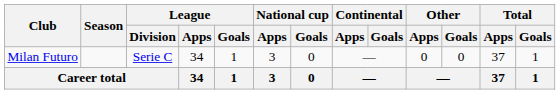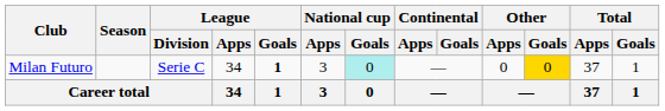 <table class="wikitable" style="text-align:center">
 <tr>
 <th rowspan="2">Club</th>
 <th rowspan="2">Season</th>
 <th colspan="3">League</th>
 <th colspan="2">National cup</th>
 <th colspan="2">Continental</th>
 <th colspan="2">Other</th>
 <th colspan="2">Total</th>
 </tr>
 <tr>
 <th>Division</th>
 <th>Apps</th>
 <th>Goals</th>
 <th>Apps</th>
 <th>Goals</th>
 <th>Apps</th>
 <th>Goals</th>
 <th>Apps</th>
 <th>Goals</th>
 <th>Apps</th>
 <th>Goals</th>
 </tr>
 <tr>
 <td rowspan="1"><a href='#'>Milan Futuro</a></td>
 <td></td>
 <td><a href='#'>Serie C</a></td>
 <td>34</td>
-<td>1</td>
+<td><strong>1</strong></td>
 <td>3</td>
-<td>0</td>
+<td style="background: paleturquoise;">0</td>
 <td colspan="2">—</td>
 <td>0</td>
-<td>0</td>
+<td style="background: gold;">0</td>
 <td>37</td>
 <td>1</td>
 </tr>
 <tr>
 <th colspan="3">Career total</th>
 <th>34</th>
 <th>1</th>
 <th>3</th>
 <th>0</th>
 <th colspan="2">—</th>
 <th colspan="2">—</th>
 <th>37</th>
 <th>1</th>
 </tr>
 </table>
